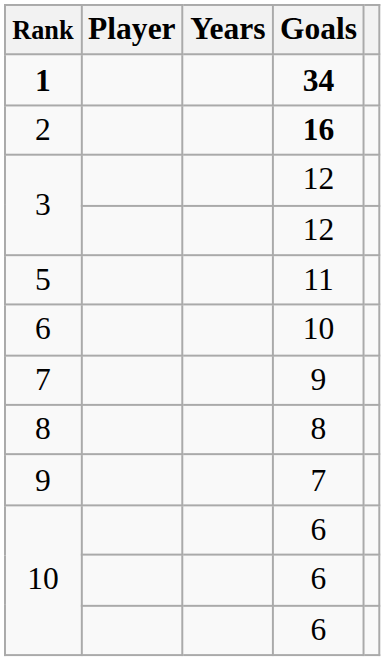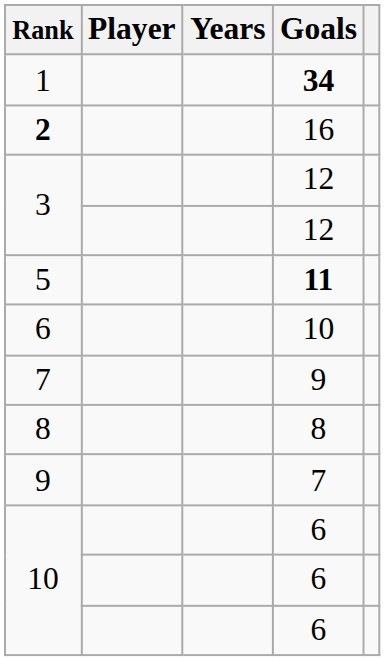 <table class="wikitable sortable" style=text-align:center font-size=85%;>
 <tr>
 <th scope="col"><small>Rank</small></th>
 <th scope="col">Player</th>
 <th scope="col">Years</th>
 <th scope="col">Goals</th>
 <th scope="col" class="unsortable"></th>
 </tr>
 <tr>
-<td><strong>1</strong></td>
+<td>1</td>
 <td scope="row" style="text-align:left;"></td>
 <td></td>
 <td><strong>34</strong></td>
 <td></td>
 </tr>
 <tr>
-<td>2</td>
+<td><strong>2</strong></td>
 <td scope="row" style="text-align:left;"></td>
 <td></td>
-<td><strong>16</strong></td>
+<td>16</td>
 <td></td>
 </tr>
 <tr>
 <td rowspan=2>3</td>
 <td scope="row" style="text-align:left;"></td>
 <td></td>
 <td>12</td>
 <td></td>
 </tr>
 <tr>
 <td scope="row" style="text-align:left;"></td>
 <td></td>
 <td>12</td>
 <td></td>
 </tr>
 <tr>
 <td>5</td>
 <td scope="row" style="text-align:left;"></td>
 <td></td>
-<td>11</td>
+<td><strong>11</strong></td>
 <td></td>
 </tr>
 <tr>
 <td>6</td>
 <td scope="row" style="text-align:left;"></td>
 <td></td>
 <td>10</td>
 <td></td>
 </tr>
 <tr>
 <td>7</td>
 <td scope="row" style="text-align:left;"></td>
 <td></td>
 <td>9</td>
 <td></td>
 </tr>
 <tr>
 <td>8</td>
 <td scope="row" style="text-align:left;"></td>
 <td></td>
 <td>8</td>
 <td></td>
 </tr>
 <tr>
 <td>9</td>
 <td scope="row" style="text-align:left;"></td>
 <td></td>
 <td>7</td>
 <td></td>
 </tr>
 <tr>
 <td rowspan=3>10</td>
 <td scope="row" style="text-align:left;"></td>
 <td></td>
 <td>6</td>
 <td></td>
 </tr>
 <tr>
 <td scope="row" style="text-align:left;"></td>
 <td></td>
 <td>6</td>
 <td></td>
 </tr>
 <tr>
 <td scope="row" style="text-align:left;"></td>
 <td></td>
 <td>6</td>
 <td></td>
 </tr>
 </table>
